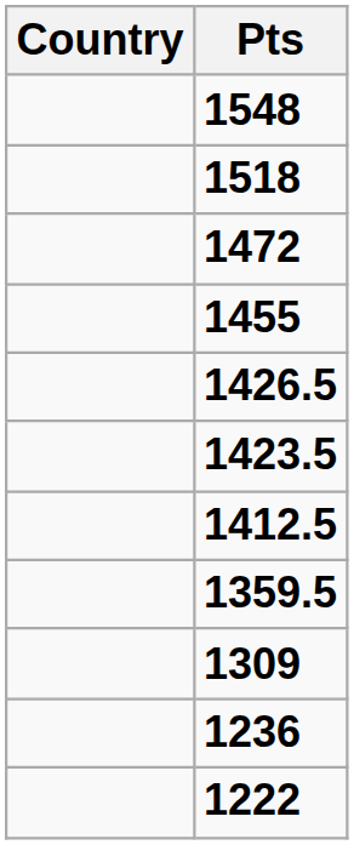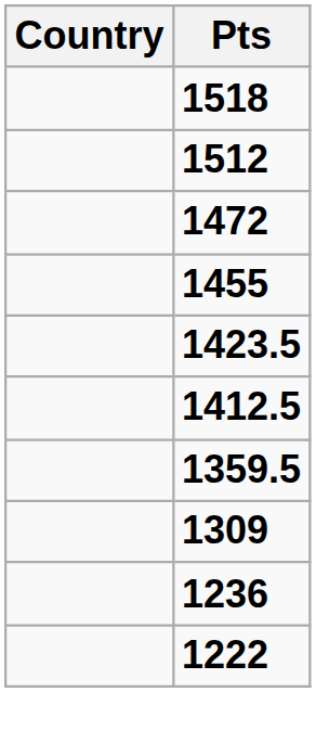 <table class="wikitable" style="display:inline-table;">
 <tr>
 <th>Country</th>
 <th>Pts</th>
 </tr>
 <tr>
 <td></td>
-<td><strong>1548</strong></td>
+<td><strong>1518</strong></td>
 </tr>
 <tr>
 <td></td>
-<td><strong>1518</strong></td>
+<td><strong>1512</strong></td>
 </tr>
 <tr>
 <td></td>
 <td><strong>1472</strong></td>
 </tr>
 <tr>
 <td></td>
 <td><strong>1455</strong></td>
-</tr>
-<tr>
-<td></td>
-<td><strong>1426.5</strong></td>
 </tr>
 <tr>
 <td></td>
 <td><strong>1423.5</strong></td>
 </tr>
 <tr>
 <td></td>
 <td><strong>1412.5</strong></td>
 </tr>
 <tr>
 <td></td>
 <td><strong>1359.5</strong></td>
 </tr>
 <tr>
 <td></td>
 <td><strong>1309</strong></td>
 </tr>
 <tr>
 <td></td>
 <td><strong>1236</strong></td>
 </tr>
 <tr>
 <td></td>
 <td><strong>1222</strong></td>
 </tr>
 </table>
